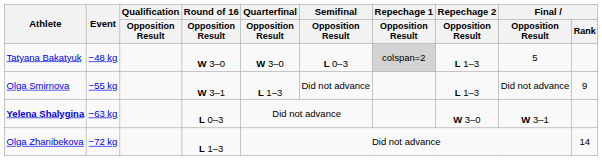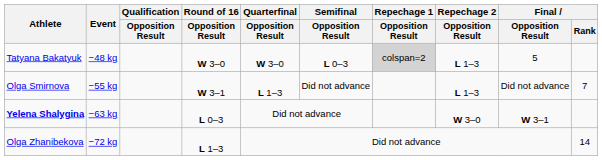 <table class="wikitable" style="font-size:90%">
 <tr>
 <th rowspan="2">Athlete</th>
 <th rowspan="2">Event</th>
 <th>Qualification</th>
 <th>Round of 16</th>
 <th>Quarterfinal</th>
 <th>Semifinal</th>
 <th>Repechage 1</th>
 <th>Repechage 2</th>
 <th colspan=2>Final / </th>
 </tr>
 <tr style="font-size: 95%">
 <th>Opposition<br>Result</th>
 <th>Opposition<br>Result</th>
 <th>Opposition<br>Result</th>
 <th>Opposition<br>Result</th>
 <th>Opposition<br>Result</th>
 <th>Opposition<br>Result</th>
 <th>Opposition<br>Result</th>
 <th>Rank</th>
 </tr>
 <tr align=center>
 <td align=left><a href='#'>Tatyana Bakatyuk</a></td>
 <td align=left><a href='#'>−48 kg</a></td>
 <td></td>
 <td><br><strong>W</strong> 3–0 <sup></sup></td>
 <td><br><strong>W</strong> 3–0 <sup></sup></td>
 <td><br><strong>L</strong> 0–3 <sup></sup></td>
 <td style="background: lightgrey;">colspan=2 </td>
 <td><br><strong>L</strong> 1–3 <sup></sup></td>
 <td>5</td>
 </tr>
 <tr align=center>
 <td align=left><a href='#'>Olga Smirnova</a></td>
 <td align=left><a href='#'>−55 kg</a></td>
 <td></td>
 <td><br><strong>W</strong> 3–1 <sup></sup></td>
 <td><br><strong>L</strong> 1–3 <sup></sup></td>
 <td>Did not advance</td>
 <td></td>
 <td><br><strong>L</strong> 1–3 <sup></sup></td>
 <td>Did not advance</td>
-<td>9</td>
+<td>7</td>
 </tr>
 <tr align=center>
 <td align=left><strong><a href='#'>Yelena Shalygina</a></strong></td>
 <td align=left><a href='#'>−63 kg</a></td>
 <td></td>
 <td><br><strong>L</strong> 0–3 <sup></sup></td>
 <td colspan=2>Did not advance</td>
 <td></td>
 <td><br><strong>W</strong> 3–0 <sup></sup></td>
 <td><br><strong>W</strong> 3–1 <sup></sup></td>
 <td></td>
 </tr>
 <tr align=center>
 <td align=left><a href='#'>Olga Zhanibekova</a></td>
 <td align=left><a href='#'>−72 kg</a></td>
 <td></td>
 <td><br><strong>L</strong> 1–3 <sup></sup></td>
 <td colspan=5>Did not advance</td>
 <td>14</td>
 </tr>
 </table>
